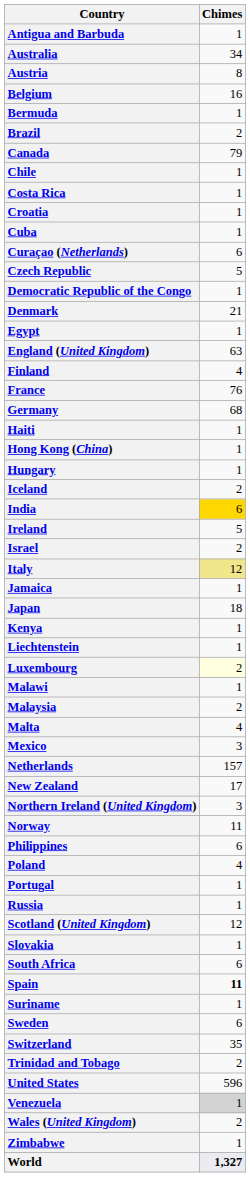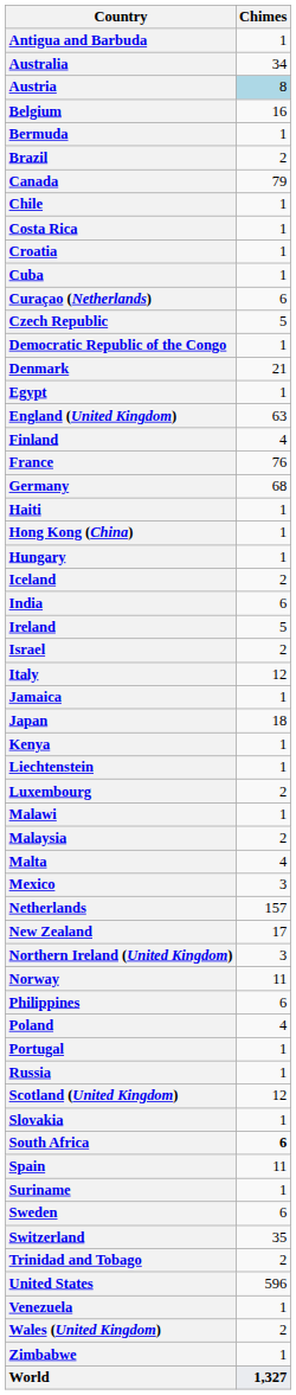 <table class="wikitable sortable" style="text-align: right; margin-left: auto; margin-right: auto; border: none;">
 <tr>
 <th scope="col">Country</th>
 <th scope="col">Chimes</th>
 </tr>
 <tr>
 <th scope="row" style="text-align: left;"><a href='#'>Antigua and Barbuda</a></th>
 <td>1</td>
 </tr>
 <tr>
 <th scope="row" style="text-align: left;"><a href='#'>Australia</a></th>
 <td>34</td>
 </tr>
 <tr>
 <th scope="row" style="text-align: left;"><a href='#'>Austria</a></th>
-<td>8</td>
+<td style="background: lightblue;">8</td>
 </tr>
 <tr>
 <th scope="row" style="text-align: left;"><a href='#'>Belgium</a></th>
 <td>16</td>
 </tr>
 <tr>
 <th scope="row" style="text-align: left;"><a href='#'>Bermuda</a></th>
 <td>1</td>
 </tr>
 <tr>
 <th scope="row" style="text-align: left;"><a href='#'>Brazil</a></th>
 <td>2</td>
 </tr>
 <tr>
 <th scope="row" style="text-align: left;"><a href='#'>Canada</a></th>
 <td>79</td>
 </tr>
 <tr>
 <th scope="row" style="text-align: left;"><a href='#'>Chile</a></th>
 <td>1</td>
 </tr>
 <tr>
 <th scope="row" style="text-align: left;"><a href='#'>Costa Rica</a></th>
 <td>1</td>
 </tr>
 <tr>
 <th scope="row" style="text-align: left;"><a href='#'>Croatia</a></th>
 <td>1</td>
 </tr>
 <tr>
 <th scope="row" style="text-align: left;"><a href='#'>Cuba</a></th>
 <td>1</td>
 </tr>
 <tr>
 <th scope="row" style="text-align: left;"><a href='#'>Curaçao</a> (<em><a href='#'>Netherlands</a></em>)</th>
 <td>6</td>
 </tr>
 <tr>
 <th scope="row" style="text-align: left;"><a href='#'>Czech Republic</a></th>
 <td>5</td>
 </tr>
 <tr>
 <th scope="row" style="text-align: left;"><a href='#'>Democratic Republic of the Congo</a></th>
 <td>1</td>
 </tr>
 <tr>
 <th scope="row" style="text-align: left;"><a href='#'>Denmark</a></th>
 <td>21</td>
 </tr>
 <tr>
 <th scope="row" style="text-align: left;"><a href='#'>Egypt</a></th>
 <td>1</td>
 </tr>
 <tr>
 <th scope="row" style="text-align: left;"><a href='#'>England</a> (<em><a href='#'>United Kingdom</a></em>)</th>
 <td>63</td>
 </tr>
 <tr>
 <th scope="row" style="text-align: left;"><a href='#'>Finland</a></th>
 <td>4</td>
 </tr>
 <tr>
 <th scope="row" style="text-align: left;"><a href='#'>France</a></th>
 <td>76</td>
 </tr>
 <tr>
 <th scope="row" style="text-align: left;"><a href='#'>Germany</a></th>
 <td>68</td>
 </tr>
 <tr>
 <th scope="row" style="text-align: left;"><a href='#'>Haiti</a></th>
 <td>1</td>
 </tr>
 <tr>
 <th scope="row" style="text-align: left;"><a href='#'>Hong Kong</a> (<em><a href='#'>China</a></em>)</th>
 <td>1</td>
 </tr>
 <tr>
 <th scope="row" style="text-align: left;"><a href='#'>Hungary</a></th>
 <td>1</td>
 </tr>
 <tr>
 <th scope="row" style="text-align: left;"><a href='#'>Iceland</a></th>
 <td>2</td>
 </tr>
 <tr>
 <th scope="row" style="text-align: left;"><a href='#'>India</a></th>
-<td style="background: gold;">6</td>
+<td>6</td>
 </tr>
 <tr>
 <th scope="row" style="text-align: left;"><a href='#'>Ireland</a></th>
 <td>5</td>
 </tr>
 <tr>
 <th scope="row" style="text-align: left;"><a href='#'>Israel</a></th>
 <td>2</td>
 </tr>
 <tr>
 <th scope="row" style="text-align: left;"><a href='#'>Italy</a></th>
-<td style="background: khaki;">12</td>
+<td>12</td>
 </tr>
 <tr>
 <th scope="row" style="text-align: left;"><a href='#'>Jamaica</a></th>
 <td>1</td>
 </tr>
 <tr>
 <th scope="row" style="text-align: left;"><a href='#'>Japan</a></th>
 <td>18</td>
 </tr>
 <tr>
 <th scope="row" style="text-align: left;"><a href='#'>Kenya</a></th>
 <td>1</td>
 </tr>
 <tr>
 <th scope="row" style="text-align: left;"><a href='#'>Liechtenstein</a></th>
 <td>1</td>
 </tr>
 <tr>
 <th scope="row" style="text-align: left;"><a href='#'>Luxembourg</a></th>
-<td style="background: lightyellow;">2</td>
+<td>2</td>
 </tr>
 <tr>
 <th scope="row" style="text-align: left;"><a href='#'>Malawi</a></th>
 <td>1</td>
 </tr>
 <tr>
 <th scope="row" style="text-align: left;"><a href='#'>Malaysia</a></th>
 <td>2</td>
 </tr>
 <tr>
 <th scope="row" style="text-align: left;"><a href='#'>Malta</a></th>
 <td>4</td>
 </tr>
 <tr>
 <th scope="row" style="text-align: left;"><a href='#'>Mexico</a></th>
 <td>3</td>
 </tr>
 <tr>
 <th scope="row" style="text-align: left;"><a href='#'>Netherlands</a></th>
 <td>157</td>
 </tr>
 <tr>
 <th scope="row" style="text-align: left;"><a href='#'>New Zealand</a></th>
 <td>17</td>
 </tr>
 <tr>
 <th scope="row" style="text-align: left;"><a href='#'>Northern Ireland</a> (<em><a href='#'>United Kingdom</a></em>)</th>
 <td>3</td>
 </tr>
 <tr>
 <th scope="row" style="text-align: left;"><a href='#'>Norway</a></th>
 <td>11</td>
 </tr>
 <tr>
 <th scope="row" style="text-align: left;"><a href='#'>Philippines</a></th>
 <td>6</td>
 </tr>
 <tr>
 <th scope="row" style="text-align: left;"><a href='#'>Poland</a></th>
 <td>4</td>
 </tr>
 <tr>
 <th scope="row" style="text-align: left;"><a href='#'>Portugal</a></th>
 <td>1</td>
 </tr>
 <tr>
 <th scope="row" style="text-align: left;"><a href='#'>Russia</a></th>
 <td>1</td>
 </tr>
 <tr>
 <th scope="row" style="text-align: left;"><a href='#'>Scotland</a> (<em><a href='#'>United Kingdom</a></em>)</th>
 <td>12</td>
 </tr>
 <tr>
 <th scope="row" style="text-align: left;"><a href='#'>Slovakia</a></th>
 <td>1</td>
 </tr>
 <tr>
 <th scope="row" style="text-align: left;"><a href='#'>South Africa</a></th>
-<td>6</td>
+<td><strong>6</strong></td>
 </tr>
 <tr>
 <th scope="row" style="text-align: left;"><a href='#'>Spain</a></th>
-<td><strong>11</strong></td>
+<td>11</td>
 </tr>
 <tr>
 <th scope="row" style="text-align: left;"><a href='#'>Suriname</a></th>
 <td>1</td>
 </tr>
 <tr>
 <th scope="row" style="text-align: left;"><a href='#'>Sweden</a></th>
 <td>6</td>
 </tr>
 <tr>
 <th scope="row" style="text-align: left;"><a href='#'>Switzerland</a></th>
 <td>35</td>
 </tr>
 <tr>
 <th scope="row" style="text-align: left;"><a href='#'>Trinidad and Tobago</a></th>
 <td>2</td>
 </tr>
 <tr>
 <th scope="row" style="text-align: left;"><a href='#'>United States</a></th>
 <td>596</td>
 </tr>
 <tr>
 <th scope="row" style="text-align: left;"><a href='#'>Venezuela</a></th>
-<td style="background: lightgrey;">1</td>
+<td>1</td>
 </tr>
 <tr>
 <th scope="row" style="text-align: left;"><a href='#'>Wales</a> (<em><a href='#'>United Kingdom</a></em>)</th>
 <td>2</td>
 </tr>
 <tr>
 <th scope="row" style="text-align: left;"><a href='#'>Zimbabwe</a></th>
 <td>1</td>
 </tr>
 <tr style="background: #eaecf0;" class="sortbottom">
 <th scope="row" style="text-align: left;">World</th>
 <td><strong>1,327</strong></td>
 </tr>
 </table>
